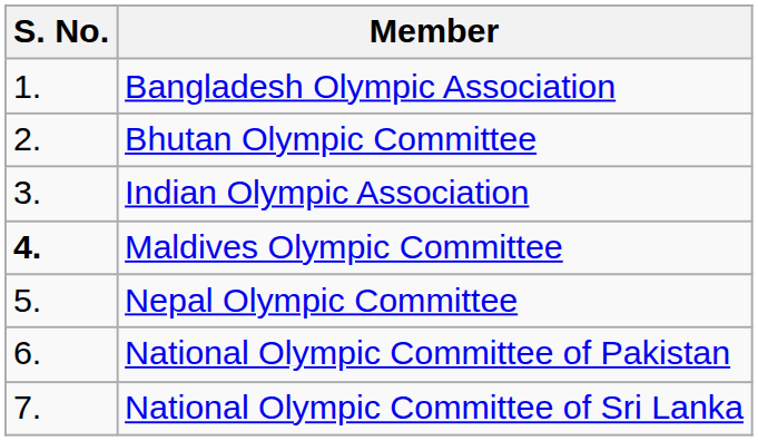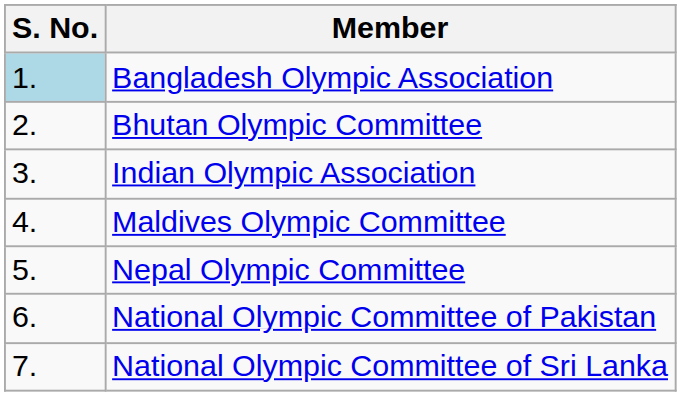 <table class="wikitable">
 <tr>
 <th>S. No.</th>
 <th>Member</th>
 </tr>
 <tr>
-<td>1.</td>
+<td style="background: lightblue;">1.</td>
 <td> <a href='#'>Bangladesh Olympic Association</a></td>
 </tr>
 <tr>
 <td>2.</td>
 <td> <a href='#'>Bhutan Olympic Committee</a></td>
 </tr>
 <tr>
 <td>3.</td>
 <td> <a href='#'>Indian Olympic Association</a></td>
 </tr>
 <tr>
-<td><strong>4.</strong></td>
+<td>4.</td>
 <td> <a href='#'>Maldives Olympic Committee</a></td>
 </tr>
 <tr>
 <td>5.</td>
 <td> <a href='#'>Nepal Olympic Committee</a></td>
 </tr>
 <tr>
 <td>6.</td>
 <td> <a href='#'>National Olympic Committee of Pakistan</a></td>
 </tr>
 <tr>
 <td>7.</td>
 <td> <a href='#'>National Olympic Committee of Sri Lanka</a></td>
 </tr>
 </table>
